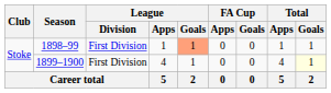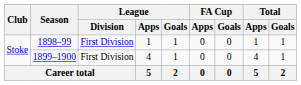 <table class="wikitable" style="text-align: center;">
 <tr>
 <th rowspan="2">Club</th>
 <th rowspan="2">Season</th>
 <th colspan="3">League</th>
 <th colspan="2">FA Cup</th>
 <th colspan="2">Total</th>
 </tr>
 <tr>
 <th>Division</th>
 <th>Apps</th>
 <th>Goals</th>
 <th>Apps</th>
 <th>Goals</th>
 <th>Apps</th>
 <th>Goals</th>
 </tr>
 <tr>
 <td rowspan="2"><a href='#'>Stoke</a></td>
 <td><a href='#'>1898–99</a></td>
 <td><a href='#'>First Division</a></td>
 <td>1</td>
-<td style="background: lightsalmon;">1</td>
+<td>1</td>
 <td>0</td>
 <td>0</td>
 <td>1</td>
 <td>1</td>
 </tr>
 <tr>
 <td><a href='#'>1899–1900</a></td>
 <td>First Division</td>
 <td>4</td>
 <td>1</td>
 <td>0</td>
 <td>0</td>
 <td>4</td>
-<td style="background: lightyellow;">1</td>
+<td>1</td>
 </tr>
 <tr>
 <th colspan="3">Career total</th>
 <th>5</th>
 <th>2</th>
 <th>0</th>
 <th>0</th>
 <th>5</th>
 <th>2</th>
 </tr>
 </table>
